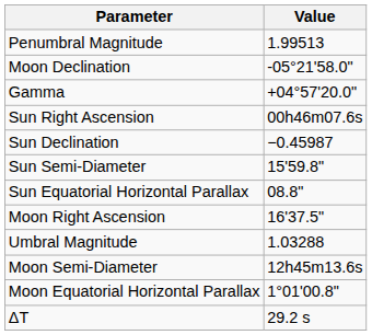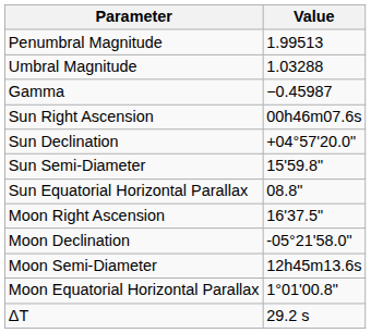 <table class="wikitable">
 <tr>
 <th>Parameter</th>
 <th>Value</th>
 </tr>
 <tr>
 <td>Penumbral Magnitude</td>
 <td>1.99513</td>
 </tr>
 <tr>
-<td>Moon Declination</td>
-<td>-05°21'58.0"</td>
+<td>Umbral Magnitude</td>
+<td>1.03288</td>
 </tr>
 <tr>
 <td>Gamma</td>
-<td>+04°57'20.0"</td>
+<td>−0.45987</td>
 </tr>
 <tr>
 <td>Sun Right Ascension</td>
 <td>00h46m07.6s</td>
 </tr>
 <tr>
 <td>Sun Declination</td>
-<td>−0.45987</td>
+<td>+04°57'20.0"</td>
 </tr>
 <tr>
 <td>Sun Semi-Diameter</td>
 <td>15'59.8"</td>
 </tr>
 <tr>
 <td>Sun Equatorial Horizontal Parallax</td>
 <td>08.8"</td>
 </tr>
 <tr>
 <td>Moon Right Ascension</td>
 <td>16'37.5"</td>
 </tr>
 <tr>
-<td>Umbral Magnitude</td>
-<td>1.03288</td>
+<td>Moon Declination</td>
+<td>-05°21'58.0"</td>
 </tr>
 <tr>
 <td>Moon Semi-Diameter</td>
 <td>12h45m13.6s</td>
 </tr>
 <tr>
 <td>Moon Equatorial Horizontal Parallax</td>
 <td>1°01'00.8"</td>
 </tr>
 <tr>
 <td>ΔT</td>
 <td>29.2 s</td>
 </tr>
 </table>
